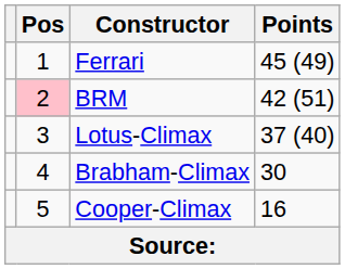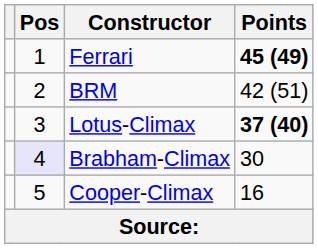 <table class="wikitable" style="font-size: 95%;">
 <tr>
 <th></th>
 <th>Pos</th>
 <th>Constructor</th>
 <th>Points</th>
 </tr>
 <tr>
 <td align="left"></td>
 <td align="center">1</td>
 <td> <a href='#'>Ferrari</a></td>
-<td align="left">45 (49)</td>
+<td align="left"><strong>45 (49)</strong></td>
 </tr>
 <tr>
 <td align="left"></td>
-<td align="center" style="background: pink;">2</td>
+<td align="center">2</td>
 <td> <a href='#'>BRM</a></td>
 <td align="left">42 (51)</td>
 </tr>
 <tr>
 <td align="left"></td>
 <td align="center">3</td>
 <td> <a href='#'>Lotus</a>-<a href='#'>Climax</a></td>
-<td align="left">37 (40)</td>
+<td align="left"><strong>37 (40)</strong></td>
 </tr>
 <tr>
 <td align="left"></td>
-<td align="center">4</td>
+<td align="center" style="background: lavender;">4</td>
 <td> <a href='#'>Brabham</a>-<a href='#'>Climax</a></td>
 <td align="left">30</td>
 </tr>
 <tr>
 <td align="left"></td>
 <td align="center">5</td>
 <td> <a href='#'>Cooper</a>-<a href='#'>Climax</a></td>
 <td align="left">16</td>
 </tr>
 <tr>
 <th colspan=4>Source: </th>
 </tr>
 </table>
